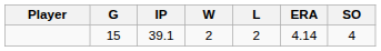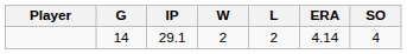 <table class="wikitable sortable">
 <tr>
 <th bgcolor="#DDDDFF" width="16%">Player</th>
 <th bgcolor="#DDDDFF" width="9%">G</th>
 <th bgcolor="#DDDDFF" width="9%">IP</th>
 <th bgcolor="#DDDDFF" width="9%">W</th>
 <th bgcolor="#DDDDFF" width="9%">L</th>
 <th bgcolor="#DDDDFF" width="9%">ERA</th>
 <th bgcolor="#DDDDFF" width="9%">SO</th>
 </tr>
 <tr align="center">
 <td></td>
-<td>15</td>
-<td>39.1</td>
+<td>14</td>
+<td>29.1</td>
 <td>2</td>
 <td>2</td>
 <td>4.14</td>
 <td>4</td>
 </tr>
 </table>
